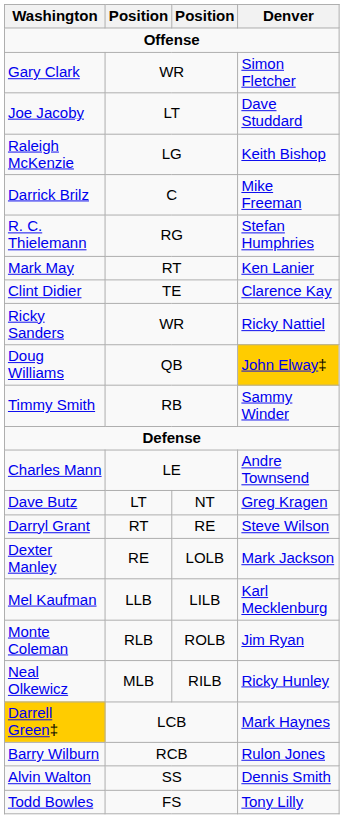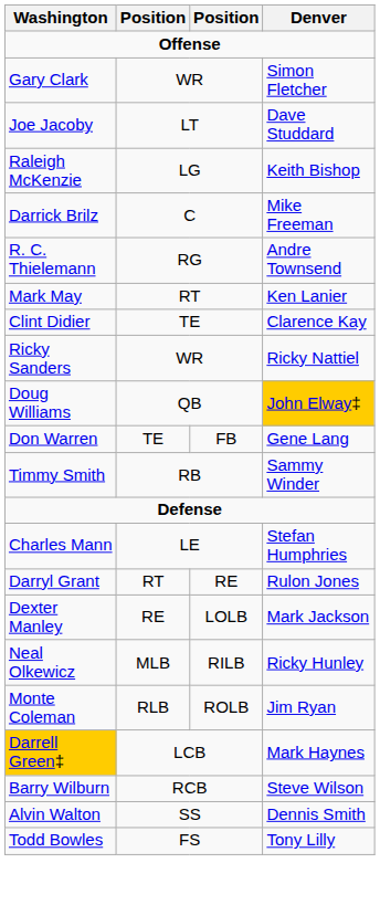 <table class="wikitable">
 <tr>
 <th style="width:100px">Washington</th>
 <th>Position</th>
 <th>Position</th>
 <th style="width:100px">Denver</th>
 </tr>
 <tr>
 <td colspan="4" style="text-align:center;"><strong>Offense</strong></td>
 </tr>
 <tr>
 <td><a href='#'>Gary Clark</a></td>
 <td colspan="2" style="text-align:center;">WR</td>
 <td><a href='#'>Simon Fletcher</a></td>
 </tr>
 <tr>
 <td><a href='#'>Joe Jacoby</a></td>
 <td colspan="2" style="text-align:center;">LT</td>
 <td><a href='#'>Dave Studdard</a></td>
 </tr>
 <tr>
 <td><a href='#'>Raleigh McKenzie</a></td>
 <td colspan="2" style="text-align:center;">LG</td>
 <td><a href='#'>Keith Bishop</a></td>
 </tr>
 <tr>
 <td><a href='#'>Darrick Brilz</a></td>
 <td colspan="2" style="text-align:center;">C</td>
 <td><a href='#'>Mike Freeman</a></td>
 </tr>
 <tr>
 <td><a href='#'>R. C. Thielemann</a></td>
 <td colspan="2" style="text-align:center;">RG</td>
-<td><a href='#'>Stefan Humphries</a></td>
+<td><a href='#'>Andre Townsend</a></td>
 </tr>
 <tr>
 <td><a href='#'>Mark May</a></td>
 <td colspan="2" style="text-align:center;">RT</td>
 <td><a href='#'>Ken Lanier</a></td>
 </tr>
 <tr>
 <td><a href='#'>Clint Didier</a></td>
 <td colspan="2" style="text-align:center;">TE</td>
 <td><a href='#'>Clarence Kay</a></td>
 </tr>
 <tr>
 <td><a href='#'>Ricky Sanders</a></td>
 <td colspan="2" style="text-align:center;">WR</td>
 <td><a href='#'>Ricky Nattiel</a></td>
 </tr>
 <tr>
 <td><a href='#'>Doug Williams</a></td>
 <td colspan="2" style="text-align:center;">QB</td>
 <td bgcolor="#FFCC00"><a href='#'>John Elway</a>‡</td>
 </tr>
 <tr>
+<td><a href='#'>Don Warren</a></td>
+<td style="text-align:center;">TE</td>
+<td style="text-align:center;">FB</td>
+<td><a href='#'>Gene Lang</a></td>
+</tr>
+<tr>
 <td><a href='#'>Timmy Smith</a></td>
 <td colspan="2" style="text-align:center;">RB</td>
 <td><a href='#'>Sammy Winder</a></td>
 </tr>
 <tr>
 <td colspan="4" style="text-align:center;"><strong>Defense</strong></td>
 </tr>
 <tr>
 <td><a href='#'>Charles Mann</a></td>
 <td colspan="2" style="text-align:center;">LE</td>
-<td><a href='#'>Andre Townsend</a></td>
-</tr>
-<tr>
-<td><a href='#'>Dave Butz</a></td>
-<td style="text-align:center;">LT</td>
-<td style="text-align:center;">NT</td>
-<td><a href='#'>Greg Kragen</a></td>
+<td><a href='#'>Stefan Humphries</a></td>
 </tr>
 <tr>
 <td><a href='#'>Darryl Grant</a></td>
 <td style="text-align:center;">RT</td>
 <td style="text-align:center;">RE</td>
-<td><a href='#'>Steve Wilson</a></td>
+<td><a href='#'>Rulon Jones</a></td>
 </tr>
 <tr>
 <td><a href='#'>Dexter Manley</a></td>
 <td style="text-align:center;">RE</td>
 <td style="text-align:center;">LOLB</td>
 <td><a href='#'>Mark Jackson</a></td>
 </tr>
 <tr>
-<td><a href='#'>Mel Kaufman</a></td>
-<td style="text-align:center;">LLB</td>
-<td style="text-align:center;">LILB</td>
-<td><a href='#'>Karl Mecklenburg</a></td>
+<td><a href='#'>Neal Olkewicz</a></td>
+<td style="text-align:center;">MLB</td>
+<td style="text-align:center;">RILB</td>
+<td><a href='#'>Ricky Hunley</a></td>
 </tr>
 <tr>
 <td><a href='#'>Monte Coleman</a></td>
 <td style="text-align:center;">RLB</td>
 <td style="text-align:center;">ROLB</td>
 <td><a href='#'>Jim Ryan</a></td>
-</tr>
-<tr>
-<td><a href='#'>Neal Olkewicz</a></td>
-<td style="text-align:center;">MLB</td>
-<td style="text-align:center;">RILB</td>
-<td><a href='#'>Ricky Hunley</a></td>
 </tr>
 <tr>
 <td bgcolor="#FFCC00"><a href='#'>Darrell Green</a>‡</td>
 <td colspan="2" style="text-align:center;">LCB</td>
 <td><a href='#'>Mark Haynes</a></td>
 </tr>
 <tr>
 <td><a href='#'>Barry Wilburn</a></td>
 <td colspan="2" style="text-align:center;">RCB</td>
-<td><a href='#'>Rulon Jones</a></td>
+<td><a href='#'>Steve Wilson</a></td>
 </tr>
 <tr>
 <td><a href='#'>Alvin Walton</a></td>
 <td colspan="2" style="text-align:center;">SS</td>
 <td><a href='#'>Dennis Smith</a></td>
 </tr>
 <tr>
 <td><a href='#'>Todd Bowles</a></td>
 <td colspan="2" style="text-align:center;">FS</td>
 <td><a href='#'>Tony Lilly</a></td>
 </tr>
 </table>
